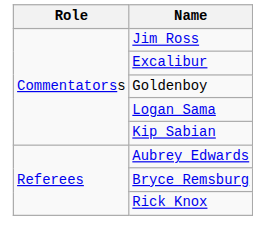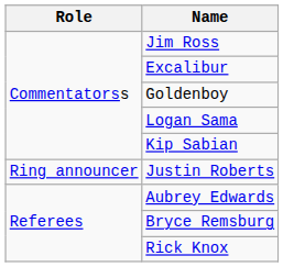 <table class=wikitable style="font-size:90%; margin: 0.5em 0 0.5em 1em; float: right; clear: right;">
 <tr>
 <th>Role</th>
 <th>Name</th>
 </tr>
 <tr>
 <td rowspan=5><a href='#'>Commentators</a>s</td>
 <td><a href='#'>Jim Ross</a> </td>
 </tr>
 <tr>
 <td><a href='#'>Excalibur</a> </td>
 </tr>
 <tr>
 <td>Goldenboy </td>
 </tr>
 <tr>
 <td><a href='#'>Logan Sama</a> </td>
 </tr>
 <tr>
 <td><a href='#'>Kip Sabian</a> </td>
 </tr>
 <tr>
+<td rowspan=1><a href='#'>Ring announcer</a></td>
+<td><a href='#'>Justin Roberts</a></td>
+</tr>
+<tr>
 <td rowspan=3><a href='#'>Referees</a></td>
 <td><a href='#'>Aubrey Edwards</a></td>
 </tr>
 <tr>
 <td><a href='#'>Bryce Remsburg</a></td>
 </tr>
 <tr>
 <td><a href='#'>Rick Knox</a></td>
 </tr>
 </table>
